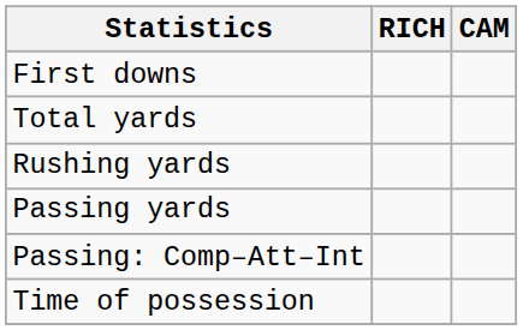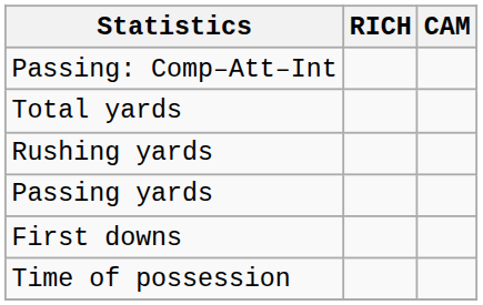 <table class="wikitable" style="float: left;">
 <tr>
 <th>Statistics</th>
 <th>RICH</th>
 <th>CAM</th>
 </tr>
 <tr>
-<td>First downs</td>
+<td>Passing: Comp–Att–Int</td>
 <td></td>
 <td></td>
 </tr>
 <tr>
 <td>Total yards</td>
 <td></td>
 <td></td>
 </tr>
 <tr>
 <td>Rushing yards</td>
 <td></td>
 <td></td>
 </tr>
 <tr>
 <td>Passing yards</td>
 <td></td>
 <td></td>
 </tr>
 <tr>
-<td>Passing: Comp–Att–Int</td>
+<td>First downs</td>
 <td></td>
 <td></td>
 </tr>
 <tr>
 <td>Time of possession</td>
 <td></td>
 <td></td>
 </tr>
 <tr>
 </tr>
 </table>
